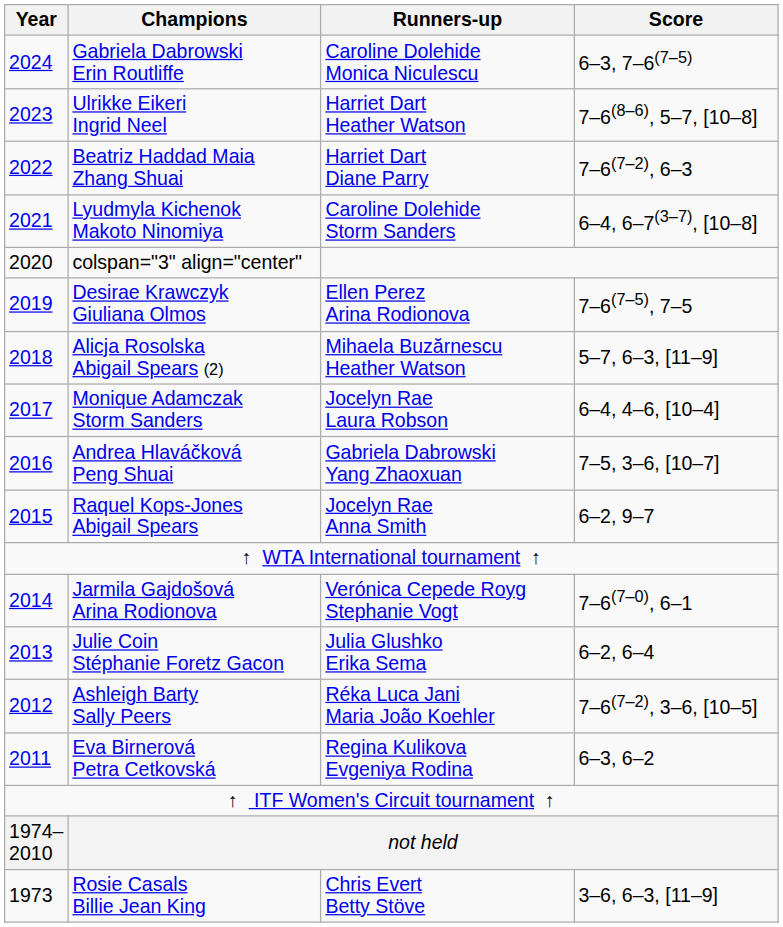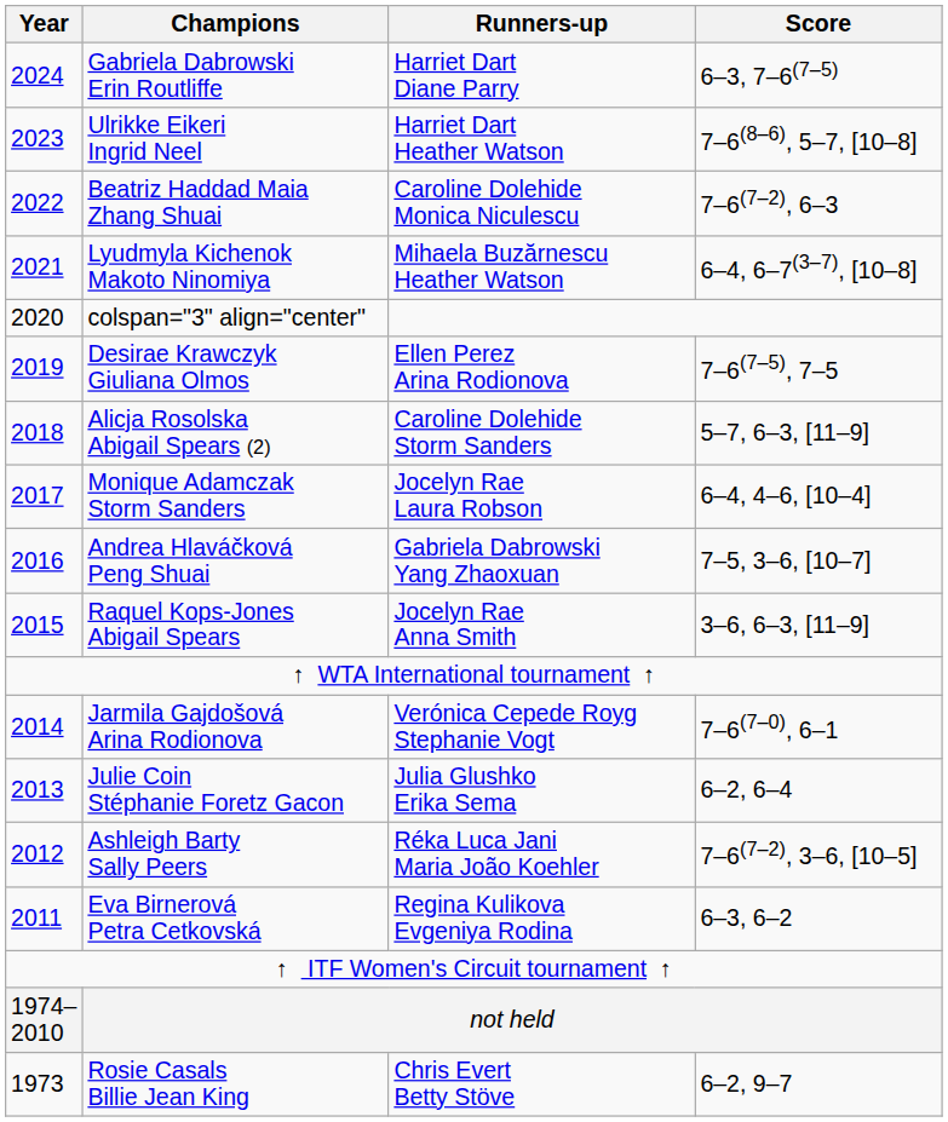 <table class="wikitable">
 <tr>
 <th style="width:40px">Year</th>
 <th style="width:200px">Champions</th>
 <th style="width:200px">Runners-up</th>
 <th style="width:160px" class="unsortable">Score</th>
 </tr>
 <tr>
 <td><a href='#'>2024</a></td>
 <td> <a href='#'>Gabriela Dabrowski</a> <br>  <a href='#'>Erin Routliffe</a></td>
-<td> <a href='#'>Caroline Dolehide</a> <br>  <a href='#'>Monica Niculescu</a></td>
+<td> <a href='#'>Harriet Dart</a> <br> <a href='#'>Diane Parry</a></td>
 <td>6–3, 7–6<sup>(7–5)</sup></td>
 </tr>
 <tr>
 <td><a href='#'>2023</a></td>
 <td> <a href='#'>Ulrikke Eikeri</a> <br>  <a href='#'>Ingrid Neel</a></td>
 <td> <a href='#'>Harriet Dart</a> <br>  <a href='#'>Heather Watson</a></td>
 <td>7–6<sup>(8–6)</sup>, 5–7, [10–8]</td>
 </tr>
 <tr>
 <td><a href='#'>2022</a></td>
 <td> <a href='#'>Beatriz Haddad Maia</a> <br>  <a href='#'>Zhang Shuai</a></td>
-<td> <a href='#'>Harriet Dart</a> <br> <a href='#'>Diane Parry</a></td>
+<td> <a href='#'>Caroline Dolehide</a> <br>  <a href='#'>Monica Niculescu</a></td>
 <td>7–6<sup>(7–2)</sup>, 6–3</td>
 </tr>
 <tr>
 <td><a href='#'>2021</a></td>
 <td> <a href='#'>Lyudmyla Kichenok</a> <br>  <a href='#'>Makoto Ninomiya</a></td>
-<td> <a href='#'>Caroline Dolehide</a> <br>  <a href='#'>Storm Sanders</a></td>
+<td> <a href='#'>Mihaela Buzărnescu</a> <br>  <a href='#'>Heather Watson</a></td>
 <td>6–4, 6–7<sup>(3–7)</sup>, [10–8]</td>
 </tr>
 <tr>
 <td>2020</td>
 <td>colspan="3" align="center" </td>
 </tr>
 <tr>
 <td><a href='#'>2019</a></td>
 <td> <a href='#'>Desirae Krawczyk</a> <br>  <a href='#'>Giuliana Olmos</a></td>
 <td> <a href='#'>Ellen Perez</a> <br>  <a href='#'>Arina Rodionova</a></td>
 <td>7–6<sup>(7–5)</sup>, 7–5</td>
 </tr>
 <tr>
 <td><a href='#'>2018</a></td>
 <td> <a href='#'>Alicja Rosolska</a> <br>  <a href='#'>Abigail Spears</a> <small>(2)</small></td>
-<td> <a href='#'>Mihaela Buzărnescu</a> <br>  <a href='#'>Heather Watson</a></td>
+<td> <a href='#'>Caroline Dolehide</a> <br>  <a href='#'>Storm Sanders</a></td>
 <td>5–7, 6–3, [11–9]</td>
 </tr>
 <tr>
 <td><a href='#'>2017</a></td>
 <td> <a href='#'>Monique Adamczak</a> <br>  <a href='#'>Storm Sanders</a></td>
 <td> <a href='#'>Jocelyn Rae</a> <br>  <a href='#'>Laura Robson</a></td>
 <td>6–4, 4–6, [10–4]</td>
 </tr>
 <tr>
 <td><a href='#'>2016</a></td>
 <td> <a href='#'>Andrea Hlaváčková</a> <br>  <a href='#'>Peng Shuai</a></td>
 <td> <a href='#'>Gabriela Dabrowski</a> <br>  <a href='#'>Yang Zhaoxuan</a></td>
 <td>7–5, 3–6, [10–7]</td>
 </tr>
 <tr>
 <td><a href='#'>2015</a></td>
 <td> <a href='#'>Raquel Kops-Jones</a> <br>  <a href='#'>Abigail Spears</a></td>
 <td> <a href='#'>Jocelyn Rae</a> <br>  <a href='#'>Anna Smith</a></td>
-<td>6–2, 9–7</td>
+<td>3–6, 6–3, [11–9]</td>
 </tr>
 <tr>
 <td colspan="4" align="center">↑  <a href='#'>WTA International tournament</a>  ↑</td>
 </tr>
 <tr>
 <td><a href='#'>2014</a></td>
 <td> <a href='#'>Jarmila Gajdošová</a> <br>  <a href='#'>Arina Rodionova</a></td>
 <td> <a href='#'>Verónica Cepede Royg</a> <br>  <a href='#'>Stephanie Vogt</a></td>
 <td>7–6<sup>(7–0)</sup>, 6–1</td>
 </tr>
 <tr>
 <td><a href='#'>2013</a></td>
 <td> <a href='#'>Julie Coin</a> <br>  <a href='#'>Stéphanie Foretz Gacon</a></td>
 <td> <a href='#'>Julia Glushko</a> <br>  <a href='#'>Erika Sema</a></td>
 <td>6–2, 6–4</td>
 </tr>
 <tr>
 <td><a href='#'>2012</a></td>
 <td> <a href='#'>Ashleigh Barty</a> <br>  <a href='#'>Sally Peers</a></td>
 <td> <a href='#'>Réka Luca Jani</a> <br>  <a href='#'>Maria João Koehler</a></td>
 <td>7–6<sup>(7–2)</sup>, 3–6, [10–5]</td>
 </tr>
 <tr>
 <td><a href='#'>2011</a></td>
 <td> <a href='#'>Eva Birnerová</a> <br>  <a href='#'>Petra Cetkovská</a></td>
 <td> <a href='#'>Regina Kulikova</a> <br>  <a href='#'>Evgeniya Rodina</a></td>
 <td>6–3, 6–2</td>
 </tr>
 <tr>
 <td colspan="4" align="center">↑  <a href='#'> ITF Women's Circuit tournament</a>  ↑</td>
 </tr>
 <tr>
 <td style="background:#f3f3f3">1974–2010</td>
 <td colspan=3 align=center style="background:#f3f3f3"><em>not held</em></td>
 </tr>
 <tr>
 <td>1973</td>
 <td> <a href='#'>Rosie Casals</a> <br>  <a href='#'>Billie Jean King</a></td>
 <td> <a href='#'>Chris Evert</a> <br>  <a href='#'>Betty Stöve</a></td>
-<td>3–6, 6–3, [11–9]</td>
+<td>6–2, 9–7</td>
 </tr>
 </table>
